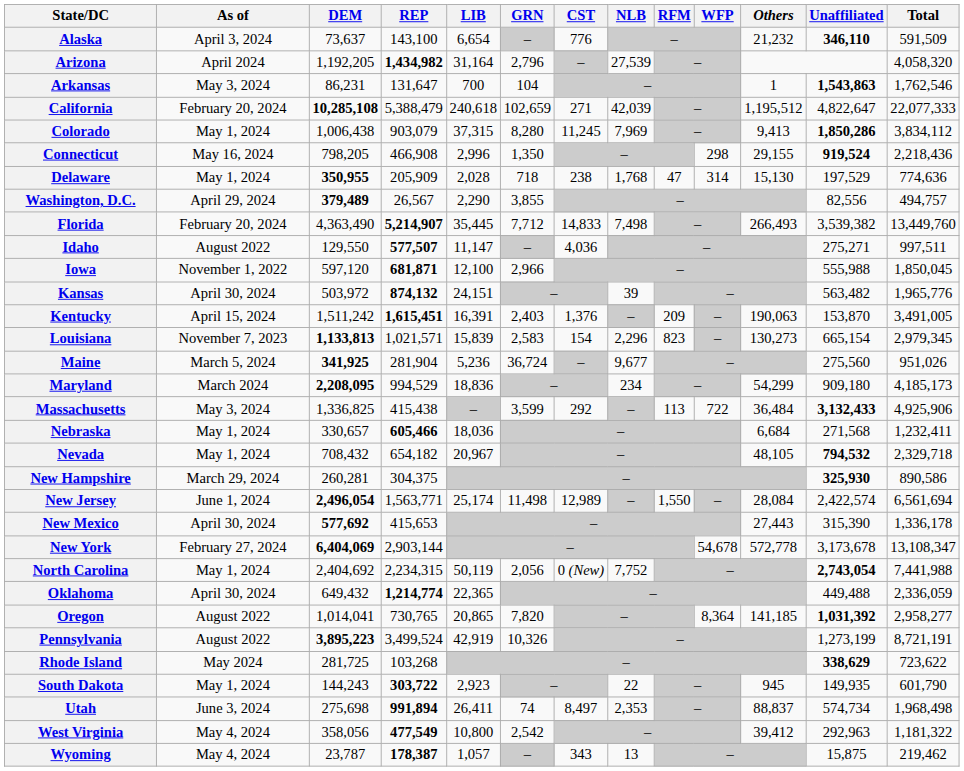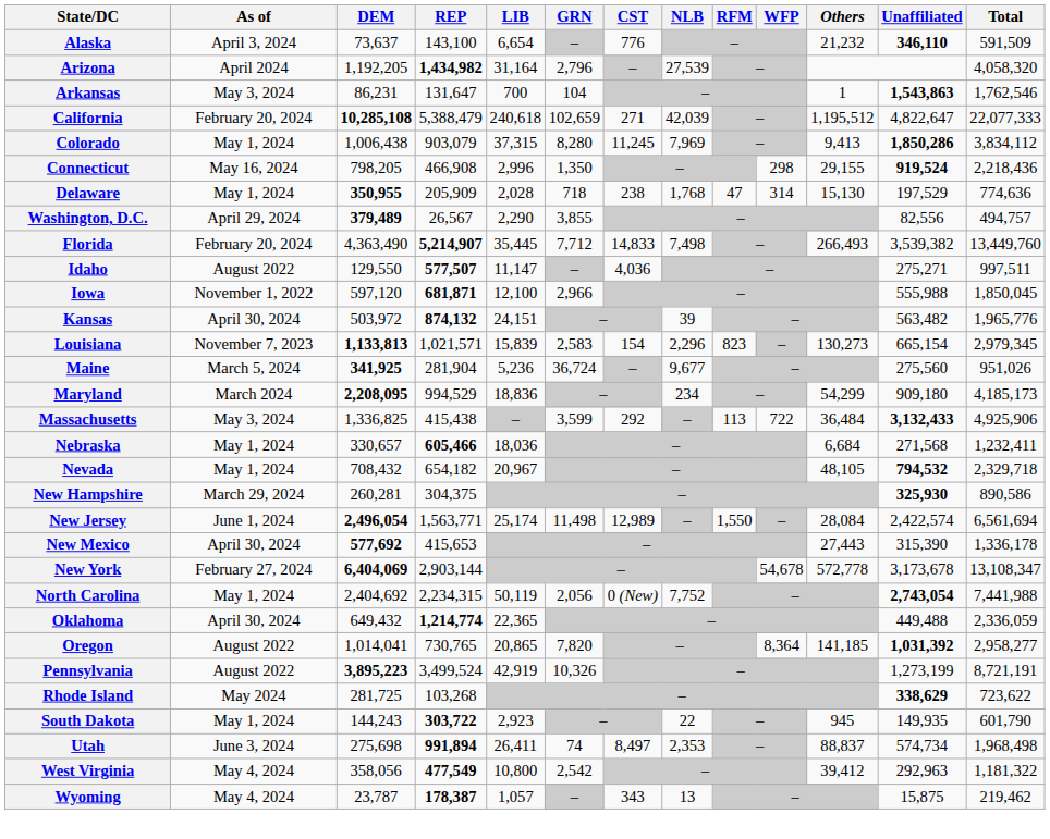 <table class="wikitable sortable plainrowheaders" style="text-align: center;">
 <tr>
 <th scope="col" style=min-width:10em>State/DC</th>
 <th scope="col" style=min-width:10em>As of</th>
 <th scope="col"><a href='#'>DEM</a></th>
 <th scope="col"><a href='#'>REP</a></th>
 <th scope="col"><a href='#'>LIB</a></th>
 <th scope="col"><a href='#'>GRN</a></th>
 <th scope="col"><a href='#'>CST</a></th>
 <th scope="col"><a href='#'>NLB</a></th>
 <th scope="col"><a href='#'>RFM</a></th>
 <th scope="col"><a href='#'>WFP</a></th>
 <th scope="col"><em>Others</em></th>
 <th scope="col"><a href='#'>Unaffiliated</a></th>
 <th scope="col">Total</th>
 </tr>
 <tr>
 <th scope="row"><a href='#'>Alaska</a></th>
 <td>April 3, 2024</td>
 <td>73,637</td>
 <td>143,100</td>
 <td>6,654</td>
 <td style="background:#ccc;">–</td>
 <td>776</td>
 <td colspan=3 style="background:#ccc;">–</td>
 <td>21,232</td>
 <td><strong>346,110</strong></td>
 <td>591,509</td>
 </tr>
 <tr>
 <th scope="row"><a href='#'>Arizona</a></th>
 <td>April 2024</td>
 <td>1,192,205</td>
 <td><strong>1,434,982</strong></td>
 <td>31,164</td>
 <td>2,796</td>
 <td style="background:#ccc;">–</td>
 <td>27,539</td>
 <td colspan=2 style="background:#ccc;">–</td>
 <td colspan=2></td>
 <td>4,058,320</td>
 </tr>
 <tr>
 <th scope="row"><a href='#'>Arkansas</a></th>
 <td>May 3, 2024</td>
 <td>86,231</td>
 <td>131,647</td>
 <td>700</td>
 <td>104</td>
 <td colspan=4 style="background:#ccc;">–</td>
 <td>1</td>
 <td><strong>1,543,863</strong></td>
 <td>1,762,546</td>
 </tr>
 <tr>
 <th scope="row"><a href='#'>California</a></th>
 <td>February 20, 2024</td>
 <td><strong>10,285,108</strong></td>
 <td>5,388,479</td>
 <td>240,618</td>
 <td>102,659</td>
 <td>271</td>
 <td>42,039</td>
 <td colspan=2 style="background:#ccc;">–</td>
 <td>1,195,512</td>
 <td>4,822,647</td>
 <td>22,077,333</td>
 </tr>
 <tr>
 <th scope="row"><a href='#'>Colorado</a></th>
 <td>May 1, 2024</td>
 <td>1,006,438</td>
 <td>903,079</td>
 <td>37,315</td>
 <td>8,280</td>
 <td>11,245</td>
 <td>7,969</td>
 <td colspan=2 style="background:#ccc;">–</td>
 <td>9,413</td>
 <td><strong>1,850,286</strong></td>
 <td>3,834,112</td>
 </tr>
 <tr>
 <th scope="row"><a href='#'>Connecticut</a></th>
 <td>May 16, 2024</td>
 <td>798,205</td>
 <td>466,908</td>
 <td>2,996</td>
 <td>1,350</td>
 <td colspan=3 style="background:#ccc;">–</td>
 <td>298</td>
 <td>29,155</td>
 <td><strong>919,524</strong></td>
 <td>2,218,436</td>
 </tr>
 <tr>
 <th scope="row"><a href='#'>Delaware</a></th>
 <td>May 1, 2024</td>
 <td><strong>350,955</strong></td>
 <td>205,909</td>
 <td>2,028</td>
 <td>718</td>
 <td>238</td>
 <td>1,768</td>
 <td>47</td>
 <td>314</td>
 <td>15,130</td>
 <td>197,529</td>
 <td>774,636</td>
 </tr>
 <tr>
 <th scope="row"><a href='#'>Washington, D.C.</a></th>
 <td>April 29, 2024</td>
 <td><strong>379,489</strong></td>
 <td>26,567</td>
 <td>2,290</td>
 <td>3,855</td>
 <td colspan=5 style="background:#ccc;">–</td>
 <td>82,556</td>
 <td>494,757</td>
 </tr>
 <tr>
 <th scope="row"><a href='#'>Florida</a></th>
 <td>February 20, 2024</td>
 <td>4,363,490</td>
 <td><strong>5,214,907</strong></td>
 <td>35,445</td>
 <td>7,712</td>
 <td>14,833</td>
 <td>7,498</td>
 <td colspan=2 style="background:#ccc;">–</td>
 <td>266,493</td>
 <td>3,539,382</td>
 <td>13,449,760</td>
 </tr>
 <tr>
 <th scope="row"><a href='#'>Idaho</a></th>
 <td>August 2022</td>
 <td>129,550</td>
 <td><strong>577,507</strong></td>
 <td>11,147</td>
 <td style="background:#ccc;">–</td>
 <td>4,036</td>
 <td colspan=4 style="background:#ccc;">–</td>
 <td>275,271</td>
 <td>997,511</td>
 </tr>
 <tr>
 <th scope="row"><a href='#'>Iowa</a></th>
 <td>November 1, 2022</td>
 <td>597,120</td>
 <td><strong>681,871</strong></td>
 <td>12,100</td>
 <td>2,966</td>
 <td colspan=5 style="background:#ccc;">–</td>
 <td>555,988</td>
 <td>1,850,045</td>
 </tr>
 <tr>
 <th scope="row"><a href='#'>Kansas</a></th>
 <td>April 30, 2024</td>
 <td>503,972</td>
 <td><strong>874,132</strong></td>
 <td>24,151</td>
 <td colspan=2 style="background:#ccc;">–</td>
 <td>39</td>
 <td colspan=3 style="background:#ccc;">–</td>
 <td>563,482</td>
 <td>1,965,776</td>
-</tr>
-<tr>
-<th scope="row"><a href='#'>Kentucky</a></th>
-<td>April 15, 2024</td>
-<td>1,511,242</td>
-<td><strong>1,615,451</strong></td>
-<td>16,391</td>
-<td>2,403</td>
-<td>1,376</td>
-<td colspan=1 style="background:#ccc;">–</td>
-<td>209</td>
-<td colspan=1 style="background:#ccc;">–</td>
-<td>190,063</td>
-<td>153,870</td>
-<td>3,491,005</td>
 </tr>
 <tr>
 <th scope="row"><a href='#'>Louisiana</a></th>
 <td>November 7, 2023</td>
 <td><strong>1,133,813</strong></td>
 <td>1,021,571</td>
 <td>15,839</td>
 <td>2,583</td>
 <td>154</td>
 <td>2,296</td>
 <td>823</td>
 <td colspan=1 style="background:#ccc;">–</td>
 <td>130,273</td>
 <td>665,154</td>
 <td>2,979,345</td>
 </tr>
 <tr>
 <th scope="row"><a href='#'>Maine</a></th>
 <td>March 5, 2024</td>
 <td><strong>341,925</strong></td>
 <td>281,904</td>
 <td>5,236</td>
 <td>36,724</td>
 <td style="background:#ccc;">–</td>
 <td>9,677</td>
 <td colspan=3 style="background:#ccc;">–</td>
 <td>275,560</td>
 <td>951,026</td>
 </tr>
 <tr>
 <th scope="row"><a href='#'>Maryland</a></th>
 <td>March 2024</td>
 <td><strong>2,208,095</strong></td>
 <td>994,529</td>
 <td>18,836</td>
 <td colspan=2 style="background:#ccc;">–</td>
 <td>234</td>
 <td colspan=2 style="background:#ccc;">–</td>
 <td>54,299</td>
 <td>909,180</td>
 <td>4,185,173</td>
 </tr>
 <tr>
 <th scope="row"><a href='#'>Massachusetts</a></th>
 <td>May 3, 2024</td>
 <td>1,336,825</td>
 <td>415,438</td>
 <td colspan=1 style="background:#ccc;">–</td>
 <td>3,599</td>
 <td>292</td>
 <td colspan=1 style="background:#ccc;">–</td>
 <td>113</td>
 <td>722</td>
 <td>36,484</td>
 <td><strong>3,132,433</strong></td>
 <td>4,925,906</td>
 </tr>
 <tr>
 <th scope="row"><a href='#'>Nebraska</a></th>
 <td>May 1, 2024</td>
 <td>330,657</td>
 <td><strong>605,466</strong></td>
 <td>18,036</td>
 <td colspan=5 style="background:#ccc;">–</td>
 <td>6,684</td>
 <td>271,568</td>
 <td>1,232,411</td>
 </tr>
 <tr>
 <th scope="row"><a href='#'>Nevada</a></th>
 <td>May 1, 2024</td>
 <td>708,432</td>
 <td>654,182</td>
 <td>20,967</td>
 <td colspan=5 style="background:#ccc;">–</td>
 <td>48,105</td>
 <td><strong>794,532</strong></td>
 <td>2,329,718</td>
 </tr>
 <tr>
 <th scope="row"><a href='#'>New Hampshire</a></th>
 <td>March 29, 2024</td>
 <td>260,281</td>
 <td>304,375</td>
 <td colspan=7 style="background:#ccc;">–</td>
 <td><strong>325,930</strong></td>
 <td>890,586</td>
 </tr>
 <tr>
 <th scope="row"><a href='#'>New Jersey</a></th>
 <td>June 1, 2024</td>
 <td><strong>2,496,054</strong></td>
 <td>1,563,771</td>
 <td>25,174</td>
 <td>11,498</td>
 <td>12,989</td>
 <td colspan=1 style="background:#ccc;">–</td>
 <td>1,550</td>
 <td colspan=1 style="background:#ccc;">–</td>
 <td>28,084</td>
 <td>2,422,574</td>
 <td>6,561,694</td>
 </tr>
 <tr>
 <th scope="row"><a href='#'>New Mexico</a></th>
 <td>April 30, 2024</td>
 <td><strong>577,692</strong></td>
 <td>415,653</td>
 <td colspan=6 style="background:#ccc;">–</td>
 <td>27,443</td>
 <td>315,390</td>
 <td>1,336,178</td>
 </tr>
 <tr>
 <th scope="row"><a href='#'>New York</a></th>
 <td>February 27, 2024</td>
 <td><strong>6,404,069</strong></td>
 <td>2,903,144</td>
 <td colspan=5 style="background:#ccc;">–</td>
 <td>54,678</td>
 <td>572,778</td>
 <td>3,173,678</td>
 <td>13,108,347</td>
 </tr>
 <tr>
 <th scope="row"><a href='#'>North Carolina</a></th>
 <td>May 1, 2024</td>
 <td>2,404,692</td>
 <td>2,234,315</td>
 <td>50,119</td>
 <td>2,056</td>
 <td>0 <em>(New)</em></td>
 <td>7,752</td>
 <td colspan=3 style="background:#ccc;">–</td>
 <td><strong>2,743,054</strong></td>
 <td>7,441,988</td>
 </tr>
 <tr>
 <th scope="row"><a href='#'>Oklahoma</a></th>
 <td>April 30, 2024</td>
 <td>649,432</td>
 <td><strong>1,214,774</strong></td>
 <td>22,365</td>
 <td colspan=6 style="background:#ccc;">–</td>
 <td>449,488</td>
 <td>2,336,059</td>
 </tr>
 <tr>
 <th scope="row"><a href='#'>Oregon</a></th>
 <td>August 2022</td>
 <td>1,014,041</td>
 <td>730,765</td>
 <td>20,865</td>
 <td>7,820</td>
 <td colspan=3 style="background:#ccc;">–</td>
 <td>8,364</td>
 <td>141,185</td>
 <td><strong>1,031,392</strong></td>
 <td>2,958,277</td>
 </tr>
 <tr>
 <th scope="row"><a href='#'>Pennsylvania</a></th>
 <td>August 2022</td>
 <td><strong>3,895,223</strong></td>
 <td>3,499,524</td>
 <td>42,919</td>
 <td>10,326</td>
 <td colspan=5 style="background:#ccc;">–</td>
 <td>1,273,199</td>
 <td>8,721,191</td>
 </tr>
 <tr>
 <th scope="row"><a href='#'>Rhode Island</a></th>
 <td>May 2024</td>
 <td>281,725</td>
 <td>103,268</td>
 <td colspan=7 style="background:#ccc;">–</td>
 <td><strong>338,629</strong></td>
 <td>723,622</td>
 </tr>
 <tr>
 <th scope="row"><a href='#'>South Dakota</a></th>
 <td>May 1, 2024</td>
 <td>144,243</td>
 <td><strong>303,722</strong></td>
 <td>2,923</td>
 <td colspan=2 style="background:#ccc;">–</td>
 <td>22</td>
 <td colspan=2 style="background:#ccc;">–</td>
 <td>945</td>
 <td>149,935</td>
 <td>601,790</td>
 </tr>
 <tr>
 <th scope="row"><a href='#'>Utah</a></th>
 <td>June 3, 2024</td>
 <td>275,698</td>
 <td><strong>991,894</strong></td>
 <td>26,411</td>
 <td>74</td>
 <td>8,497</td>
 <td>2,353</td>
 <td colspan=2 style="background:#ccc;">–</td>
 <td>88,837</td>
 <td>574,734</td>
 <td>1,968,498</td>
 </tr>
 <tr>
 <th scope="row"><a href='#'>West Virginia</a></th>
 <td>May 4, 2024</td>
 <td>358,056</td>
 <td><strong>477,549</strong></td>
 <td>10,800</td>
 <td>2,542</td>
 <td colspan=4 style="background:#ccc;">–</td>
 <td>39,412</td>
 <td>292,963</td>
 <td>1,181,322</td>
 </tr>
 <tr>
 <th scope="row"><a href='#'>Wyoming</a></th>
 <td>May 4, 2024</td>
 <td>23,787</td>
 <td><strong>178,387</strong></td>
 <td>1,057</td>
 <td style="background:#ccc;">–</td>
 <td>343</td>
 <td>13</td>
 <td colspan=3 style="background:#ccc;">–</td>
 <td>15,875</td>
 <td>219,462</td>
 </tr>
 </table>
